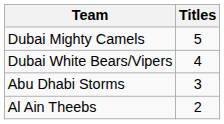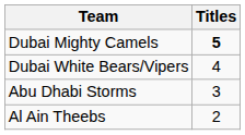 <table class="wikitable">
 <tr>
 <th>Team</th>
 <th>Titles</th>
 </tr>
 <tr>
 <td>Dubai Mighty Camels</td>
-<td align=center>5</td>
+<td align=center><strong>5</strong></td>
 </tr>
 <tr>
 <td>Dubai White Bears/Vipers</td>
 <td align=center>4</td>
 </tr>
 <tr>
 <td>Abu Dhabi Storms</td>
 <td align=center>3</td>
 </tr>
 <tr>
 <td>Al Ain Theebs</td>
 <td align=center>2</td>
 </tr>
 </table>
